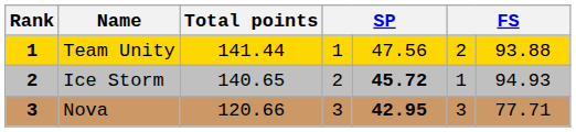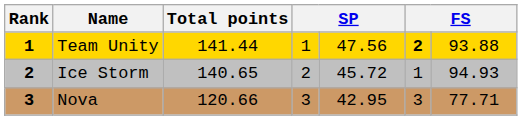 <table class="wikitable sortable">
 <tr>
 <th>Rank</th>
 <th>Name</th>
 <th>Total points</th>
 <th colspan="2" width="80px"><a href='#'>SP</a></th>
 <th colspan="2" width="80px"><a href='#'>FS</a></th>
 </tr>
 <tr bgcolor="gold">
 <td align="center"><strong>1</strong></td>
 <td>Team Unity</td>
 <td align="center">141.44</td>
 <td align="center">1</td>
 <td align="center">47.56</td>
-<td align="center">2</td>
+<td align="center"><strong>2</strong></td>
 <td align="center">93.88</td>
 </tr>
 <tr bgcolor="silver">
 <td align="center"><strong>2</strong></td>
 <td>Ice Storm</td>
 <td align="center">140.65</td>
 <td align="center">2</td>
-<td align="center"><strong>45.72</strong></td>
+<td align="center">45.72</td>
 <td align="center">1</td>
 <td align="center">94.93</td>
 </tr>
 <tr bgcolor="cc9966">
 <td align="center"><strong>3</strong></td>
 <td>Nova</td>
 <td align="center">120.66</td>
 <td align="center">3</td>
-<td align="center"><strong>42.95</strong></td>
+<td align="center">42.95</td>
 <td align="center">3</td>
 <td align="center">77.71</td>
 </tr>
 </table>
